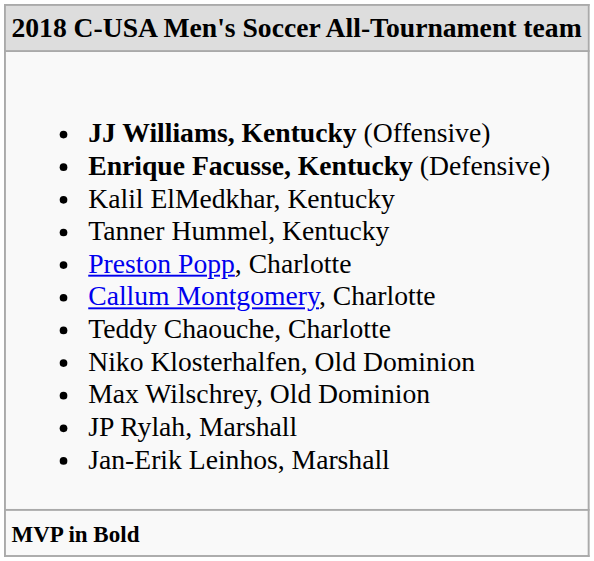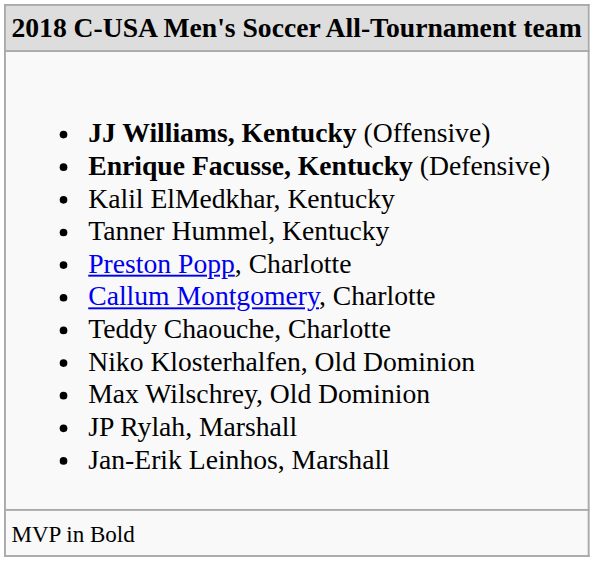 <table class="wikitable" style="white-space:nowrap; font-size:90%;">
 <tr>
 <td colspan="7" style="text-align:center; background:#ddd;"><strong>2018 C-USA Men's Soccer All-Tournament team</strong></td>
 </tr>
 <tr>
 <td><br><ul><li><strong>JJ Williams, Kentucky</strong> (Offensive)</li><li><strong>Enrique Facusse, Kentucky</strong> (Defensive)</li><li>Kalil ElMedkhar, Kentucky</li><li>Tanner Hummel, Kentucky</li><li><a href='#'>Preston Popp</a>, Charlotte</li><li><a href='#'>Callum Montgomery</a>, Charlotte</li><li>Teddy Chaouche, Charlotte</li><li>Niko Klosterhalfen, Old Dominion</li><li>Max Wilschrey, Old Dominion</li><li>JP Rylah, Marshall</li><li>Jan-Erik Leinhos, Marshall</li></ul></td>
 </tr>
 <tr>
-<td><strong><small>MVP in Bold</small></strong></td>
+<td><small>MVP in Bold</small></td>
 </tr>
 </table>
